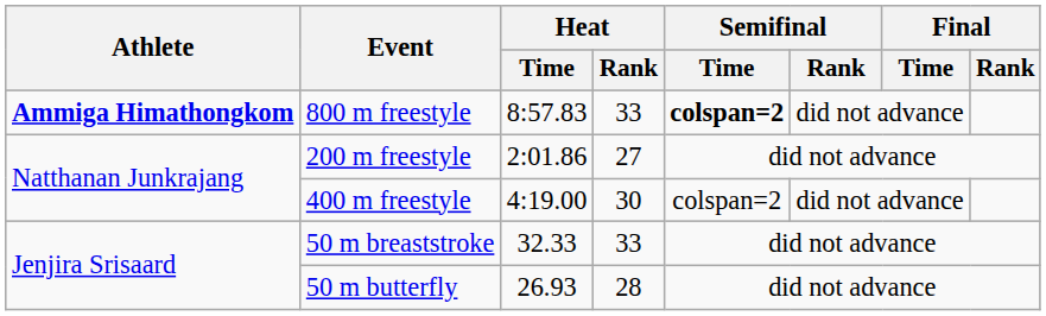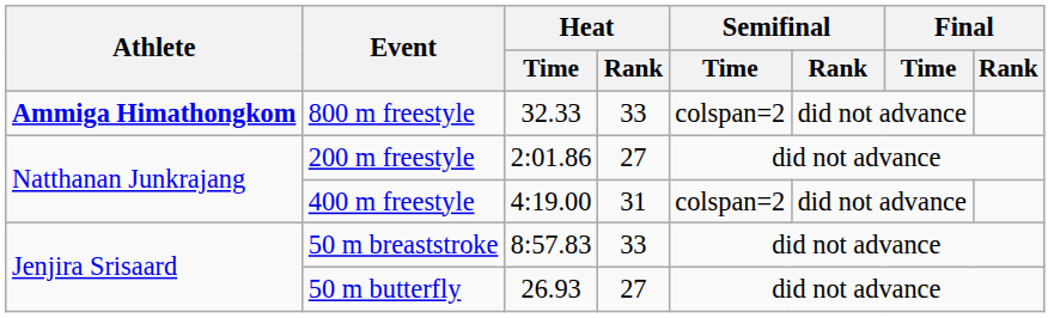 <table class="wikitable" style="text-align:center; font-size:90%">
 <tr>
 <th rowspan="2">Athlete</th>
 <th rowspan="2">Event</th>
 <th colspan="2">Heat</th>
 <th colspan="2">Semifinal</th>
 <th colspan="2">Final</th>
 </tr>
 <tr style="font-size:95%">
 <th>Time</th>
 <th>Rank</th>
 <th>Time</th>
 <th>Rank</th>
 <th>Time</th>
 <th>Rank</th>
 </tr>
 <tr>
 <td align=left><strong><a href='#'>Ammiga Himathongkom</a></strong></td>
 <td align=left><a href='#'>800 m freestyle</a></td>
-<td>8:57.83</td>
+<td>32.33</td>
 <td>33</td>
-<td><strong>colspan=2 </strong></td>
+<td>colspan=2 </td>
 <td colspan=2>did not advance</td>
 </tr>
 <tr>
 <td align=left rowspan=2><a href='#'>Natthanan Junkrajang</a></td>
 <td align=left><a href='#'>200 m freestyle</a></td>
 <td>2:01.86</td>
 <td>27</td>
 <td colspan=4>did not advance</td>
 </tr>
 <tr>
 <td align=left><a href='#'>400 m freestyle</a></td>
 <td>4:19.00</td>
-<td>30</td>
+<td>31</td>
 <td>colspan=2 </td>
 <td colspan=2>did not advance</td>
 </tr>
 <tr>
 <td align=left rowspan=2><a href='#'>Jenjira Srisaard</a></td>
 <td align=left><a href='#'>50 m breaststroke</a></td>
-<td>32.33</td>
+<td>8:57.83</td>
 <td>33</td>
 <td colspan=4>did not advance</td>
 </tr>
 <tr>
 <td align=left><a href='#'>50 m butterfly</a></td>
 <td>26.93</td>
-<td>28</td>
+<td>27</td>
 <td colspan=4>did not advance</td>
 </tr>
 </table>
